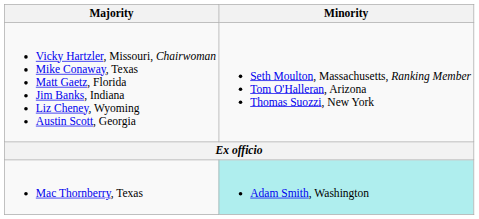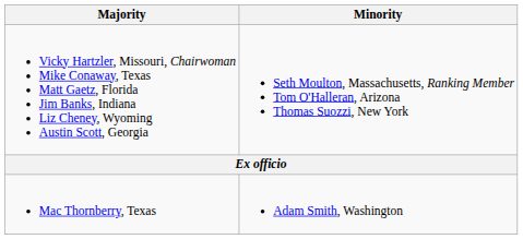 <table class=wikitable>
 <tr>
 <th>Majority</th>
 <th>Minority</th>
 </tr>
 <tr>
 <td><br><ul><li><a href='#'>Vicky Hartzler</a>, Missouri, <em>Chairwoman</em></li><li><a href='#'>Mike Conaway</a>, Texas</li><li><a href='#'>Matt Gaetz</a>, Florida</li><li><a href='#'>Jim Banks</a>, Indiana</li><li><a href='#'>Liz Cheney</a>, Wyoming</li><li><a href='#'>Austin Scott</a>, Georgia</li></ul></td>
 <td><br><ul><li><a href='#'>Seth Moulton</a>, Massachusetts, <em>Ranking Member</em></li><li><a href='#'>Tom O'Halleran</a>, Arizona</li><li><a href='#'>Thomas Suozzi</a>, New York</li></ul></td>
 </tr>
 <tr>
 <th colspan=2><em>Ex officio</em></th>
 </tr>
 <tr>
 <td><br><ul><li><a href='#'>Mac Thornberry</a>, Texas</li></ul></td>
-<td style="background: paleturquoise;"><br><ul><li><a href='#'>Adam Smith</a>, Washington</li></ul></td>
+<td><br><ul><li><a href='#'>Adam Smith</a>, Washington</li></ul></td>
 </tr>
 </table>
